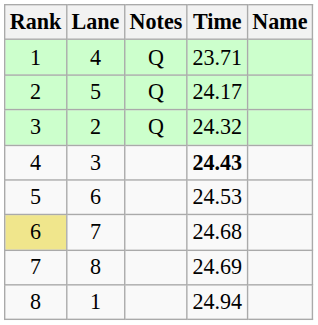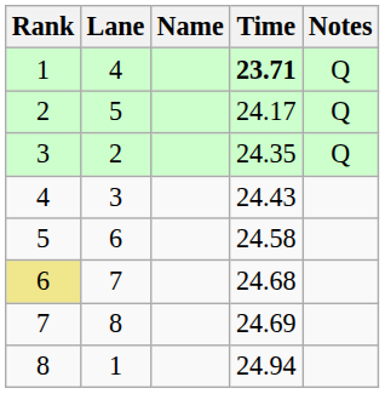 <table class="wikitable sortable" style="text-align:center">
 <tr>
 <th>Rank</th>
 <th>Lane</th>
+<th>Name</th>
+<th>Time</th>
 <th>Notes</th>
-<th>Time</th>
-<th>Name</th>
 </tr>
 <tr bgcolor=ccffcc>
 <td>1</td>
 <td>4</td>
+<td align=left></td>
+<td><strong>23.71</strong></td>
 <td>Q</td>
-<td>23.71</td>
-<td align=left></td>
 </tr>
 <tr bgcolor=ccffcc>
 <td>2</td>
 <td>5</td>
+<td align=left></td>
+<td>24.17</td>
 <td>Q</td>
-<td>24.17</td>
-<td align=left></td>
 </tr>
 <tr bgcolor=ccffcc>
 <td>3</td>
 <td>2</td>
+<td align=left></td>
+<td>24.35</td>
 <td>Q</td>
-<td>24.32</td>
-<td align=left></td>
 </tr>
 <tr>
 <td>4</td>
 <td>3</td>
+<td align=left></td>
+<td>24.43</td>
 <td></td>
-<td><strong>24.43</strong></td>
-<td align=left></td>
 </tr>
 <tr>
 <td>5</td>
 <td>6</td>
+<td align=left></td>
+<td>24.58</td>
 <td></td>
-<td>24.53</td>
-<td align=left></td>
 </tr>
 <tr>
 <td style="background: khaki;">6</td>
 <td>7</td>
+<td align=left></td>
+<td>24.68</td>
 <td></td>
-<td>24.68</td>
-<td align=left></td>
 </tr>
 <tr>
 <td>7</td>
 <td>8</td>
+<td align=left></td>
+<td>24.69</td>
 <td></td>
-<td>24.69</td>
-<td align=left></td>
 </tr>
 <tr>
 <td>8</td>
 <td>1</td>
+<td align=left></td>
+<td>24.94</td>
 <td></td>
-<td>24.94</td>
-<td align=left></td>
 </tr>
 </table>
